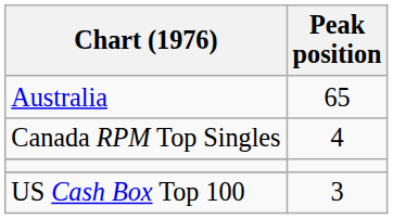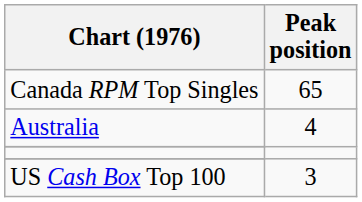 <table class="wikitable sortable">
 <tr>
 <th align="left">Chart (1976)</th>
 <th align="left">Peak<br>position</th>
 </tr>
 <tr>
-<td align="left"><a href='#'>Australia</a></td>
+<td>Canada <em>RPM</em> Top Singles</td>
 <td style="text-align:center;">65</td>
 </tr>
 <tr>
-<td>Canada <em>RPM</em> Top Singles</td>
+<td align="left"><a href='#'>Australia</a></td>
 <td style="text-align:center;">4</td>
 </tr>
 <tr>
 </tr>
 <tr>
 </tr>
 <tr>
 <td></td>
 </tr>
 <tr>
 </tr>
 <tr>
 </tr>
 <tr>
 </tr>
 <tr>
 </tr>
 <tr>
 </tr>
 <tr>
 <td align="left">US <em><a href='#'>Cash Box</a></em> Top 100</td>
 <td style="text-align:center;">3</td>
 </tr>
 </table>
